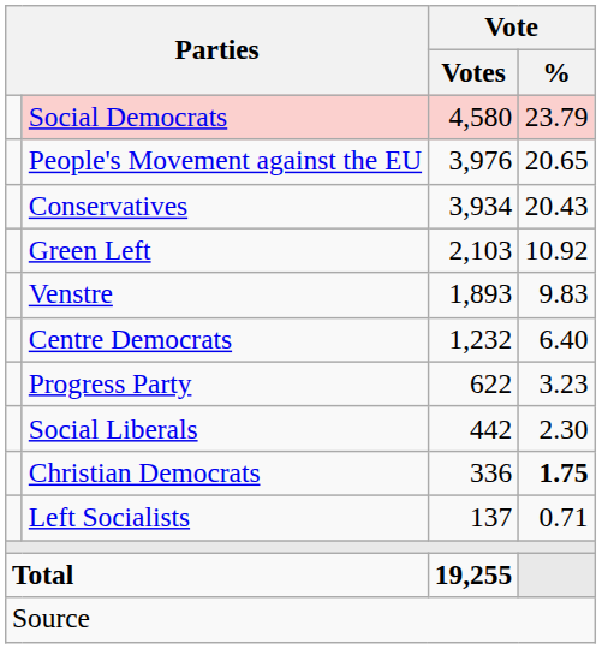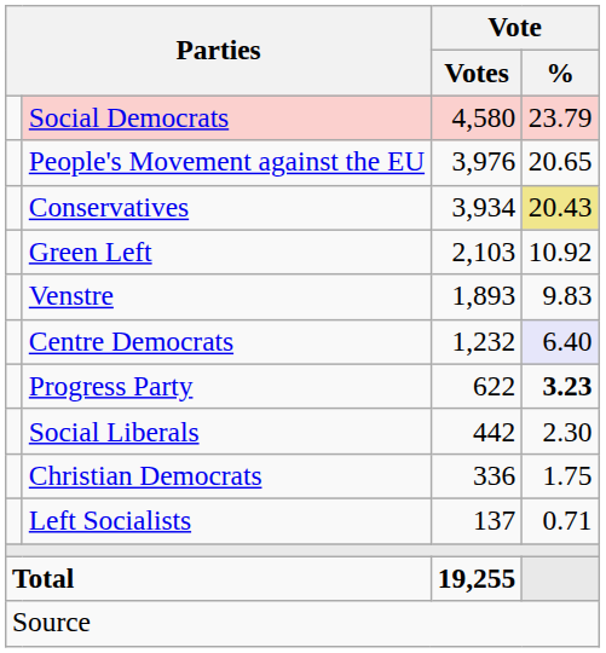 <table class="wikitable" style="text-align:right;">
 <tr>
 <th style="text-align:centre;" rowspan="2" colspan="2" width="225">Parties</th>
 <th colspan="3">Vote</th>
 </tr>
 <tr>
 <th width="15">Votes</th>
 <th width="15">%</th>
 </tr>
 <tr>
 <td width="2" style="color:inherit;background:"></td>
 <td bgcolor=#fbd0ce   align="left"><a href='#'>Social Democrats</a></td>
 <td bgcolor=#fbd0ce>4,580</td>
 <td bgcolor=#fbd0ce>23.79</td>
 </tr>
 <tr>
 <td width="2" style="color:inherit;background:"></td>
 <td align="left"><a href='#'>People's Movement against the EU</a></td>
 <td>3,976</td>
 <td>20.65</td>
 </tr>
 <tr>
 <td width="2" style="color:inherit;background:"></td>
 <td align="left"><a href='#'>Conservatives</a></td>
 <td>3,934</td>
-<td>20.43</td>
+<td style="background: khaki;">20.43</td>
 </tr>
 <tr>
 <td width="2" style="color:inherit;background:"></td>
 <td align="left"><a href='#'>Green Left</a></td>
 <td>2,103</td>
 <td>10.92</td>
 </tr>
 <tr>
 <td width="2" style="color:inherit;background:"></td>
 <td align="left"><a href='#'>Venstre</a></td>
 <td>1,893</td>
 <td>9.83</td>
 </tr>
 <tr>
 <td width="2" style="color:inherit;background:"></td>
 <td align="left"><a href='#'>Centre Democrats</a></td>
 <td>1,232</td>
-<td>6.40</td>
+<td style="background: lavender;">6.40</td>
 </tr>
 <tr>
 <td width="2" style="color:inherit;background:"></td>
 <td align="left"><a href='#'>Progress Party</a></td>
 <td>622</td>
-<td>3.23</td>
+<td><strong>3.23</strong></td>
 </tr>
 <tr>
 <td width="2" style="color:inherit;background:"></td>
 <td align="left"><a href='#'>Social Liberals</a></td>
 <td>442</td>
 <td>2.30</td>
 </tr>
 <tr>
 <td width="2" style="color:inherit;background:"></td>
 <td align="left"><a href='#'>Christian Democrats</a></td>
 <td>336</td>
-<td><strong>1.75</strong></td>
+<td>1.75</td>
 </tr>
 <tr>
 <td width="2" style="color:inherit;background:"></td>
 <td align="left"><a href='#'>Left Socialists</a></td>
 <td>137</td>
 <td>0.71</td>
 </tr>
 <tr>
 <td colspan="7" bgcolor="#E9E9E9"></td>
 </tr>
 <tr>
 <td align="left" colspan="2"><strong>Total</strong></td>
 <td><strong>19,255</strong></td>
 <td bgcolor="#E9E9E9" colspan="2"></td>
 </tr>
 <tr>
 <td align="left" colspan="6">Source</td>
 </tr>
 </table>
